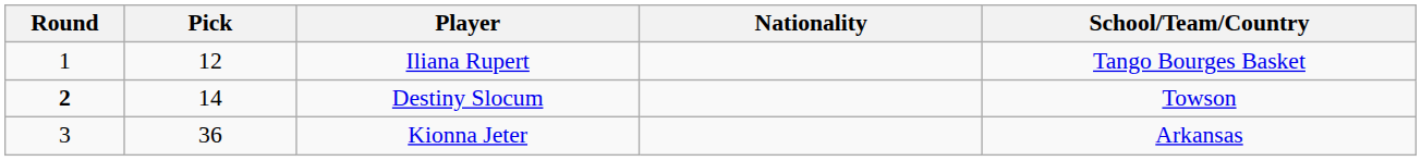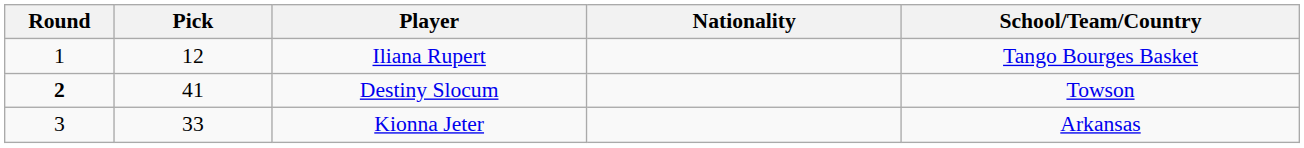 <table class="wikitable" style="text-align:center; width:60em">
 <tr>
 <th width="2%">Round</th>
 <th width="5%">Pick</th>
 <th width="10%">Player</th>
 <th width="10%">Nationality</th>
 <th width="10%">School/Team/Country</th>
 </tr>
 <tr>
 <td>1</td>
 <td>12</td>
 <td><a href='#'>Iliana Rupert</a></td>
 <td></td>
 <td><a href='#'>Tango Bourges Basket</a> </td>
 </tr>
 <tr>
 <td><strong>2</strong></td>
-<td>14</td>
+<td>41</td>
 <td><a href='#'>Destiny Slocum</a></td>
 <td></td>
 <td><a href='#'>Towson</a></td>
 </tr>
 <tr>
 <td>3</td>
-<td>36</td>
+<td>33</td>
 <td><a href='#'>Kionna Jeter</a></td>
 <td></td>
 <td><a href='#'>Arkansas</a></td>
 </tr>
 </table>
